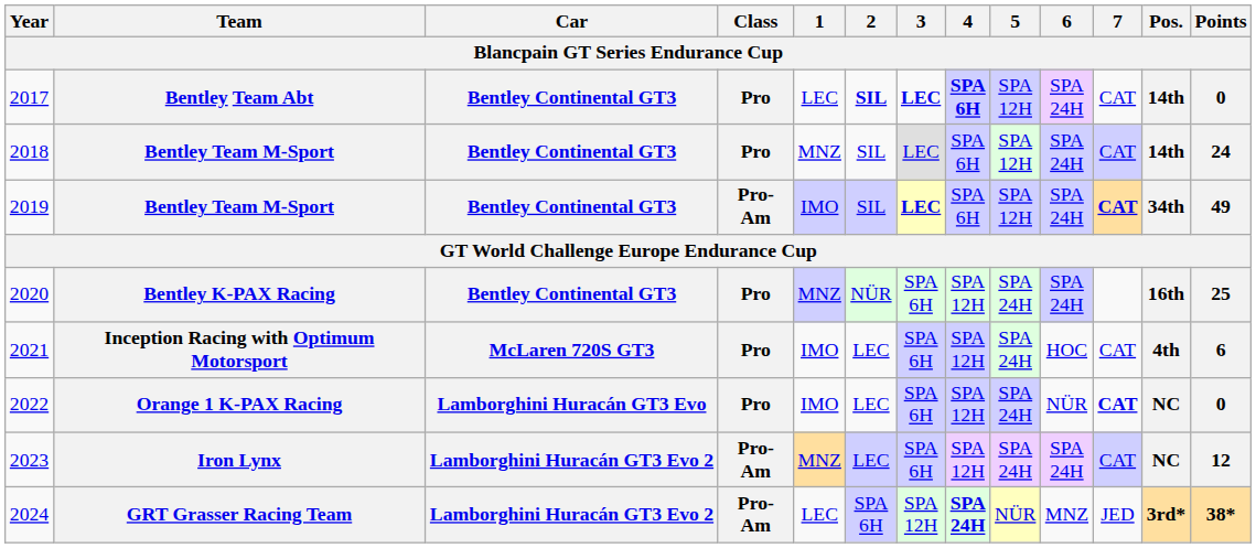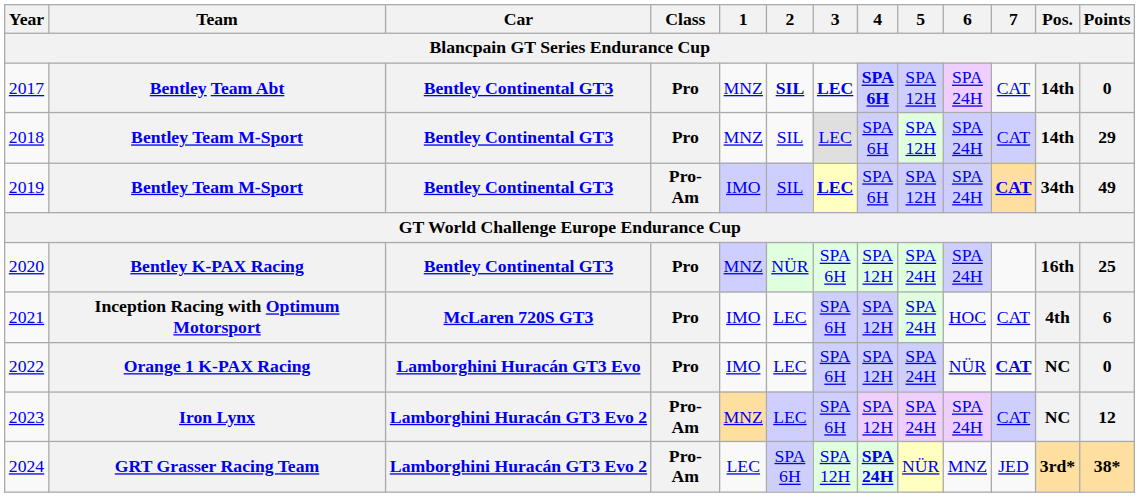 <table class="wikitable" border="1" style="text-align:center; font-size:85%;">
 <tr>
 <th>Year</th>
 <th>Team</th>
 <th>Car</th>
 <th>Class</th>
 <th>1</th>
 <th>2</th>
 <th>3</th>
 <th>4</th>
 <th>5</th>
 <th>6</th>
 <th>7</th>
 <th>Pos.</th>
 <th>Points</th>
 </tr>
 <tr>
 <th colspan="13">Blancpain GT Series Endurance Cup</th>
 </tr>
 <tr>
 <td><a href='#'>2017</a></td>
 <th nowrap><a href='#'>Bentley</a> <a href='#'>Team Abt</a></th>
 <th nowrap><a href='#'>Bentley Continental GT3</a></th>
 <th>Pro</th>
-<td style="background:#;"><a href='#'>LEC</a></td>
+<td style="background:#;"><a href='#'>MNZ</a></td>
 <td style="background:#;"><strong><a href='#'>SIL</a></strong></td>
 <td style="background:#;"><strong><a href='#'>LEC</a></strong></td>
 <td style="background:#CFCFFF;"><strong><a href='#'>SPA<br>6H</a><br></strong></td>
 <td style="background:#CFCFFF;"><a href='#'>SPA<br>12H</a><br></td>
 <td style="background:#EFCFFF;"><a href='#'>SPA<br>24H</a><br></td>
 <td style="background:#;"><a href='#'>CAT</a></td>
 <th>14th</th>
 <th>0</th>
 </tr>
 <tr>
 <td><a href='#'>2018</a></td>
 <th><a href='#'>Bentley Team M-Sport</a></th>
 <th><a href='#'>Bentley Continental GT3</a></th>
 <th>Pro</th>
 <td style="background:#;"><a href='#'>MNZ</a></td>
 <td style="background:#;"><a href='#'>SIL</a></td>
 <td style="background:#DFDFDF;"><a href='#'>LEC</a><br></td>
 <td style="background:#CFCFFF;"><a href='#'>SPA<br>6H</a><br></td>
 <td style="background:#DFFFDF;"><a href='#'>SPA<br>12H</a><br></td>
 <td style="background:#CFCFFF;"><a href='#'>SPA<br>24H</a><br></td>
 <td style="background:#CFCFFF;"><a href='#'>CAT</a><br></td>
 <th>14th</th>
-<th>24</th>
+<th>29</th>
 </tr>
 <tr>
 <td><a href='#'>2019</a></td>
 <th><a href='#'>Bentley Team M-Sport</a></th>
 <th><a href='#'>Bentley Continental GT3</a></th>
 <th>Pro-Am</th>
 <td style="background:#CFCFFF;"><a href='#'>IMO</a><br></td>
 <td style="background:#CFCFFF;"><a href='#'>SIL</a><br></td>
 <td style="background:#FFFFBF;"><strong><a href='#'>LEC</a></strong><br></td>
 <td style="background:#CFCFFF;"><a href='#'>SPA<br>6H</a><br></td>
 <td style="background:#CFCFFF;"><a href='#'>SPA<br>12H</a><br></td>
 <td style="background:#CFCFFF;"><a href='#'>SPA<br>24H</a><br></td>
 <td style="background:#FFDF9F;"><strong><a href='#'>CAT</a><br></strong></td>
 <th>34th</th>
 <th>49</th>
 </tr>
 <tr>
 <th colspan="13">GT World Challenge Europe Endurance Cup</th>
 </tr>
 <tr>
 <td><a href='#'>2020</a></td>
 <th><a href='#'>Bentley K-PAX Racing</a></th>
 <th><a href='#'>Bentley Continental GT3</a></th>
 <th>Pro</th>
 <td style="background:#CFCFFF;"><a href='#'>MNZ</a><br></td>
 <td style="background:#DFFFDF;"><a href='#'>NÜR</a><br></td>
 <td style="background:#DFFFDF;"><a href='#'>SPA<br>6H</a><br></td>
 <td style="background:#DFFFDF;"><a href='#'>SPA<br>12H</a><br></td>
 <td style="background:#DFFFDF;"><a href='#'>SPA<br>24H</a><br></td>
 <td style="background:#CFCFFF;"><a href='#'>SPA<br>24H</a><br></td>
 <td></td>
 <th>16th</th>
 <th>25</th>
 </tr>
 <tr>
 <td><a href='#'>2021</a></td>
 <th>Inception Racing with <a href='#'>Optimum Motorsport</a></th>
 <th><a href='#'>McLaren 720S GT3</a></th>
 <th>Pro</th>
 <td style="background:#;"><a href='#'>IMO</a></td>
 <td style="background:#;"><a href='#'>LEC</a></td>
 <td style="background:#CFCFFF;"><a href='#'>SPA<br>6H</a><br></td>
 <td style="background:#CFCFFF;"><a href='#'>SPA<br>12H</a><br></td>
 <td style="background:#DFFFDF;"><a href='#'>SPA<br>24H</a><br></td>
 <td style="background:#;"><a href='#'>HOC</a></td>
 <td style="background:#;"><a href='#'>CAT</a></td>
 <th>4th</th>
 <th>6</th>
 </tr>
 <tr>
 <td><a href='#'>2022</a></td>
 <th><a href='#'>Orange 1 K-PAX Racing</a></th>
 <th><a href='#'>Lamborghini Huracán GT3 Evo</a></th>
 <th>Pro</th>
 <td style="background:#;"><a href='#'>IMO</a></td>
 <td style="background:#;"><a href='#'>LEC</a></td>
 <td style="background:#CFCFFF;"><a href='#'>SPA<br>6H</a><br></td>
 <td style="background:#CFCFFF;"><a href='#'>SPA<br>12H</a><br></td>
 <td style="background:#CFCFFF;"><a href='#'>SPA<br>24H</a><br></td>
 <td style="background:#;"><a href='#'>NÜR</a></td>
 <td style="background:#;"><strong><a href='#'>CAT</a></strong></td>
 <th>NC</th>
 <th>0</th>
 </tr>
 <tr>
 <td><a href='#'>2023</a></td>
 <th nowrap><a href='#'>Iron Lynx</a></th>
 <th nowrap><a href='#'>Lamborghini Huracán GT3 Evo 2</a></th>
 <th>Pro-Am</th>
 <td style="background:#FFDF9F;"><a href='#'>MNZ</a><br></td>
 <td style="background:#CFCFFF;"><a href='#'>LEC</a><br></td>
 <td style="background:#CFCFFF;"><a href='#'>SPA<br>6H</a><br></td>
 <td style="background:#EFCFFF;"><a href='#'>SPA<br>12H</a><br></td>
 <td style="background:#EFCFFF;"><a href='#'>SPA<br>24H</a><br></td>
 <td style="background:#EFCFFF;"><a href='#'>SPA<br>24H</a><br></td>
 <td style="background:#CFCFFF;"><a href='#'>CAT</a><br></td>
 <th>NC</th>
 <th>12</th>
 </tr>
 <tr>
 <td><a href='#'>2024</a></td>
 <th><a href='#'>GRT Grasser Racing Team</a></th>
 <th><a href='#'>Lamborghini Huracán GT3 Evo 2</a></th>
 <th>Pro-Am</th>
 <td style="background:#;"><a href='#'>LEC</a></td>
 <td style="background:#CFCFFF;"><a href='#'>SPA<br>6H</a><br></td>
 <td style="background:#DFFFDF;"><a href='#'>SPA<br>12H</a><br></td>
 <td style="background:#DFFFDF;"><strong><a href='#'>SPA<br>24H</a></strong><br></td>
 <td style="background:#FFFFBF;"><a href='#'>NÜR</a><br></td>
 <td style="background:#;"><a href='#'>MNZ</a><br></td>
 <td style="background:#;"><a href='#'>JED</a><br></td>
 <th style="background:#FFDF9F;">3rd*</th>
 <th style="background:#FFDF9F;">38*</th>
 </tr>
 </table>
